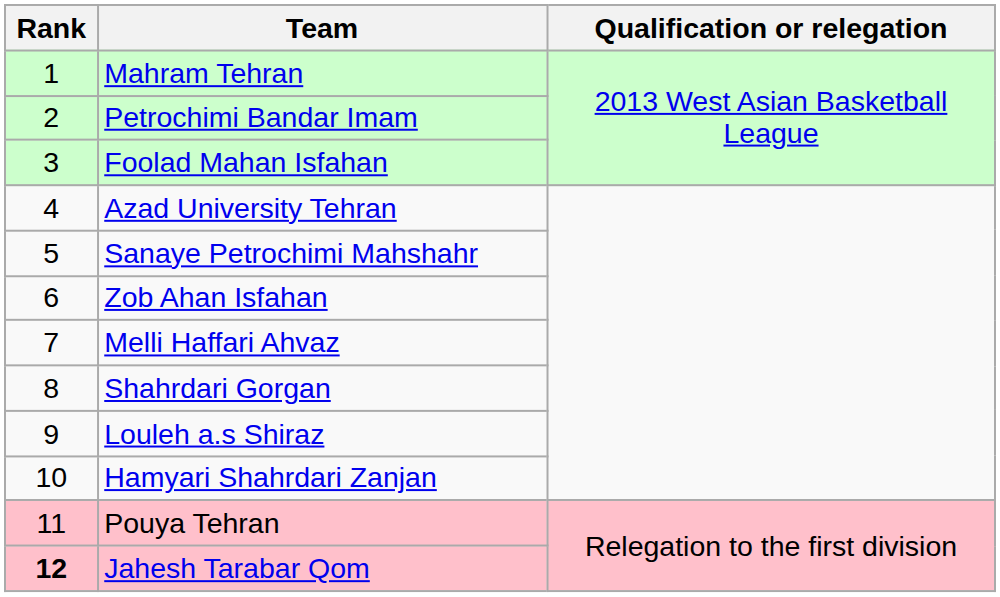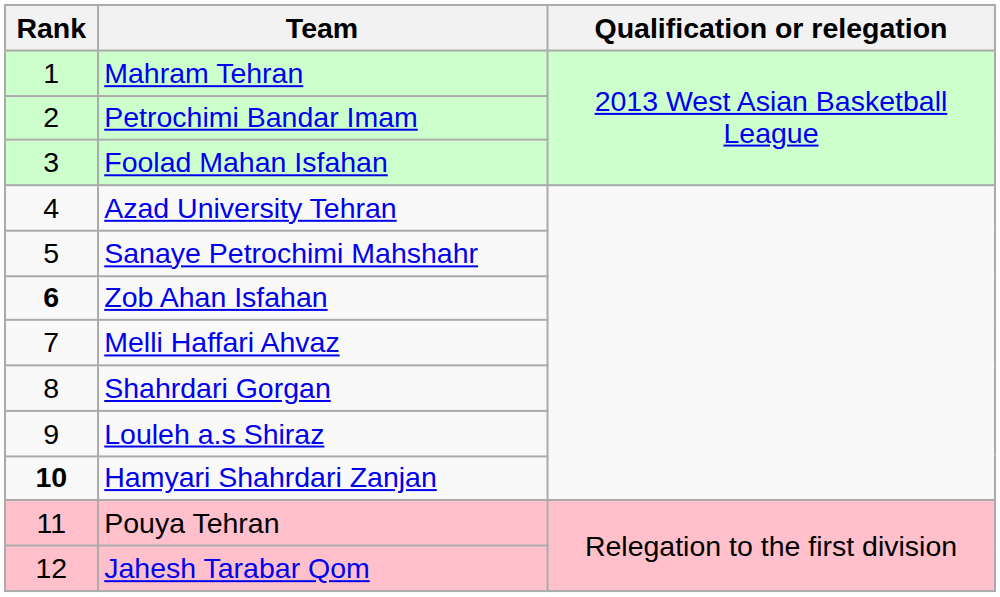 <table class="wikitable" style="text-align:center; font-size:90%">
 <tr>
 <th width=40>Rank</th>
 <th width=220>Team</th>
 <th width=220>Qualification or relegation</th>
 </tr>
 <tr bgcolor=ccffcc>
 <td>1</td>
 <td align="left"><a href='#'>Mahram Tehran</a></td>
 <td rowspan=3><a href='#'>2013 West Asian Basketball League</a></td>
 </tr>
 <tr bgcolor=ccffcc>
 <td>2</td>
 <td align="left"><a href='#'>Petrochimi Bandar Imam</a></td>
 </tr>
 <tr bgcolor=ccffcc>
 <td>3</td>
 <td align="left"><a href='#'>Foolad Mahan Isfahan</a></td>
 </tr>
 <tr>
 <td>4</td>
 <td align="left"><a href='#'>Azad University Tehran</a></td>
 <td rowspan=7></td>
 </tr>
 <tr>
 <td>5</td>
 <td align="left"><a href='#'>Sanaye Petrochimi Mahshahr</a></td>
 </tr>
 <tr>
-<td>6</td>
+<td><strong>6</strong></td>
 <td align="left"><a href='#'>Zob Ahan Isfahan</a></td>
 </tr>
 <tr>
 <td>7</td>
 <td align="left"><a href='#'>Melli Haffari Ahvaz</a></td>
 </tr>
 <tr>
 <td>8</td>
 <td align="left"><a href='#'>Shahrdari Gorgan</a></td>
 </tr>
 <tr>
 <td>9</td>
 <td align="left"><a href='#'>Louleh a.s Shiraz</a></td>
 </tr>
 <tr>
-<td>10</td>
+<td><strong>10</strong></td>
 <td align="left"><a href='#'>Hamyari Shahrdari Zanjan</a></td>
 </tr>
 <tr bgcolor=pink>
 <td>11</td>
 <td align="left">Pouya Tehran</td>
 <td rowspan=2>Relegation to the first division</td>
 </tr>
 <tr bgcolor=pink>
-<td><strong>12</strong></td>
+<td>12</td>
 <td align="left"><a href='#'>Jahesh Tarabar Qom</a></td>
 </tr>
 </table>
